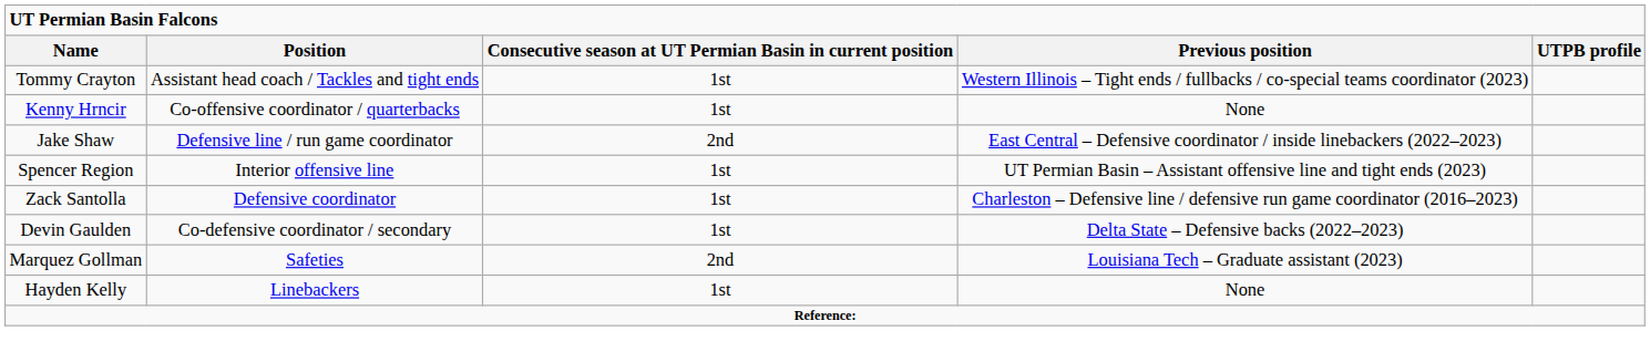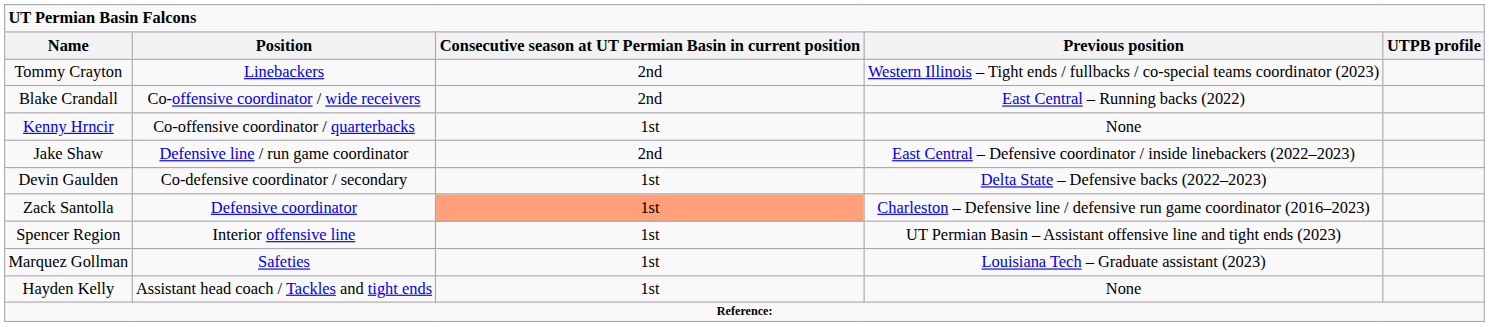 <table class="wikitable" style="font-size:90%;">
 <tr>
 <td colspan=5><strong>UT Permian Basin Falcons</strong></td>
 </tr>
 <tr align="center";>
 <th>Name</th>
 <th>Position</th>
 <th>Consecutive season at UT Permian Basin in current position</th>
 <th>Previous position</th>
 <th>UTPB profile</th>
 </tr>
 <tr align="center";>
 <td>Tommy Crayton</td>
-<td>Assistant head coach / <a href='#'>Tackles</a> and <a href='#'>tight ends</a></td>
-<td>1st</td>
+<td><a href='#'>Linebackers</a></td>
+<td>2nd</td>
 <td><a href='#'>Western Illinois</a> – Tight ends / fullbacks / co-special teams coordinator (2023)</td>
+<td></td>
+</tr>
+<tr align="center";>
+<td>Blake Crandall</td>
+<td>Co-<a href='#'>offensive coordinator</a> / <a href='#'>wide receivers</a></td>
+<td>2nd</td>
+<td><a href='#'>East Central</a> – Running backs (2022)</td>
 <td></td>
 </tr>
 <tr align="center";>
 <td><a href='#'>Kenny Hrncir</a></td>
 <td>Co-offensive coordinator / <a href='#'>quarterbacks</a></td>
 <td>1st</td>
 <td>None</td>
 <td></td>
 </tr>
 <tr align="center";>
 <td>Jake Shaw</td>
 <td><a href='#'>Defensive line</a> / run game coordinator</td>
 <td>2nd</td>
 <td><a href='#'>East Central</a> – Defensive coordinator / inside linebackers (2022–2023)</td>
 <td></td>
 </tr>
 <tr align="center";>
+<td>Devin Gaulden</td>
+<td>Co-defensive coordinator / secondary</td>
+<td>1st</td>
+<td><a href='#'>Delta State</a> – Defensive backs (2022–2023)</td>
+<td></td>
+</tr>
+<tr align="center";>
+<td>Zack Santolla</td>
+<td><a href='#'>Defensive coordinator</a></td>
+<td style="background: lightsalmon;">1st</td>
+<td><a href='#'>Charleston</a> – Defensive line / defensive run game coordinator (2016–2023)</td>
+<td></td>
+</tr>
+<tr align="center";>
 <td>Spencer Region</td>
 <td>Interior <a href='#'>offensive line</a></td>
 <td>1st</td>
 <td>UT Permian Basin – Assistant offensive line and tight ends (2023)</td>
 <td></td>
 </tr>
 <tr align="center";>
-<td>Zack Santolla</td>
-<td><a href='#'>Defensive coordinator</a></td>
-<td>1st</td>
-<td><a href='#'>Charleston</a> – Defensive line / defensive run game coordinator (2016–2023)</td>
-<td></td>
-</tr>
-<tr align="center";>
-<td>Devin Gaulden</td>
-<td>Co-defensive coordinator / secondary</td>
-<td>1st</td>
-<td><a href='#'>Delta State</a> – Defensive backs (2022–2023)</td>
-<td></td>
-</tr>
-<tr align="center";>
 <td>Marquez Gollman</td>
 <td><a href='#'>Safeties</a></td>
-<td>2nd</td>
+<td>1st</td>
 <td><a href='#'>Louisiana Tech</a> – Graduate assistant (2023)</td>
 <td></td>
 </tr>
 <tr align="center";>
 <td>Hayden Kelly</td>
-<td><a href='#'>Linebackers</a></td>
+<td>Assistant head coach / <a href='#'>Tackles</a> and <a href='#'>tight ends</a></td>
 <td>1st</td>
 <td>None</td>
 <td></td>
 </tr>
 <tr>
 <td colspan="5" style="font-size:8pt; text-align:center;"><strong>Reference:</strong></td>
 </tr>
 </table>
